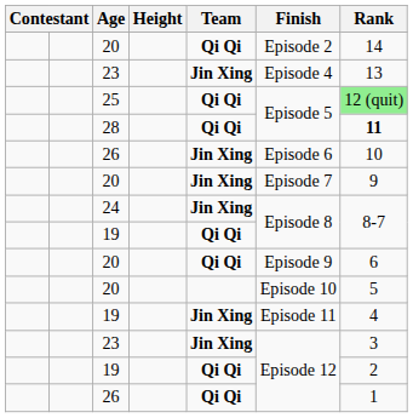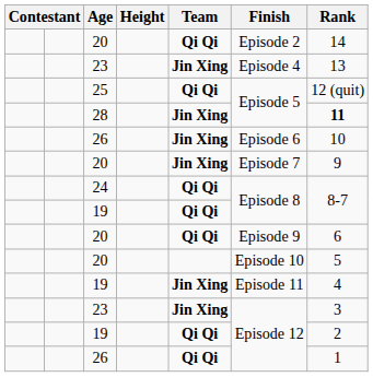 <table class="wikitable sortable" style="text-align:center;">
 <tr>
 <th colspan=2>Contestant</th>
 <th>Age</th>
 <th>Height</th>
 <th>Team</th>
 <th>Finish</th>
 <th>Rank</th>
 </tr>
 <tr>
 <td></td>
 <td></td>
 <td>20</td>
 <td></td>
 <td><strong><span>Qi Qi</span></strong></td>
 <td>Episode 2</td>
 <td>14</td>
 </tr>
 <tr>
 <td></td>
 <td></td>
 <td>23</td>
 <td></td>
 <td><strong><span>Jin Xing</span>  </strong></td>
 <td>Episode 4</td>
 <td>13</td>
 </tr>
 <tr>
 <td></td>
 <td></td>
 <td>25</td>
 <td></td>
 <td><strong><span>Qi Qi</span></strong></td>
 <td rowspan="2">Episode 5</td>
-<td style="background: lightgreen;">12 (quit)</td>
+<td>12 (quit)</td>
 </tr>
 <tr>
 <td></td>
 <td></td>
 <td>28</td>
 <td></td>
-<td><strong><span>Qi Qi</span>  </strong></td>
+<td><strong><span>Jin Xing</span></strong></td>
 <td><strong>11</strong></td>
 </tr>
 <tr>
 <td></td>
 <td></td>
 <td>26</td>
 <td></td>
 <td><strong><span>Jin Xing</span></strong></td>
 <td>Episode 6</td>
 <td>10</td>
 </tr>
 <tr>
 <td></td>
 <td></td>
 <td>20</td>
 <td></td>
 <td><strong><span>Jin Xing</span></strong></td>
 <td>Episode 7</td>
 <td>9</td>
 </tr>
 <tr>
 <td></td>
 <td></td>
 <td>24</td>
 <td></td>
-<td><strong><span>Jin Xing</span></strong></td>
+<td><strong><span>Qi Qi</span></strong></td>
 <td rowspan="2">Episode 8</td>
 <td rowspan="2">8-7</td>
 </tr>
 <tr>
 <td></td>
 <td></td>
 <td>19</td>
 <td></td>
 <td><strong><span>Qi Qi</span> </strong></td>
 </tr>
 <tr>
 <td></td>
 <td></td>
 <td>20</td>
 <td></td>
 <td><strong><span>Qi Qi</span></strong></td>
 <td>Episode 9</td>
 <td>6</td>
 </tr>
 <tr>
 <td></td>
 <td></td>
 <td>20</td>
 <td></td>
 <td><strong><span></span></strong></td>
 <td>Episode 10</td>
 <td>5</td>
 </tr>
 <tr>
 <td></td>
 <td></td>
 <td>19</td>
 <td></td>
 <td><strong><span>Jin Xing</span>  </strong></td>
 <td>Episode 11</td>
 <td>4</td>
 </tr>
 <tr>
 <td></td>
 <td></td>
 <td>23</td>
 <td></td>
 <td><strong><span>Jin Xing</span></strong></td>
 <td rowspan="3">Episode 12</td>
 <td>3</td>
 </tr>
 <tr>
 <td></td>
 <td></td>
 <td>19</td>
 <td></td>
 <td><strong><span>Qi Qi</span>  </strong></td>
 <td>2</td>
 </tr>
 <tr>
 <td></td>
 <td></td>
 <td>26</td>
 <td></td>
 <td><strong><span>Qi Qi</span>  </strong></td>
 <td>1</td>
 </tr>
 </table>
